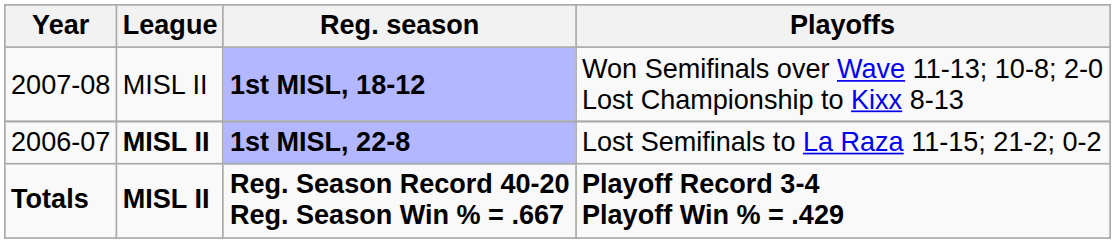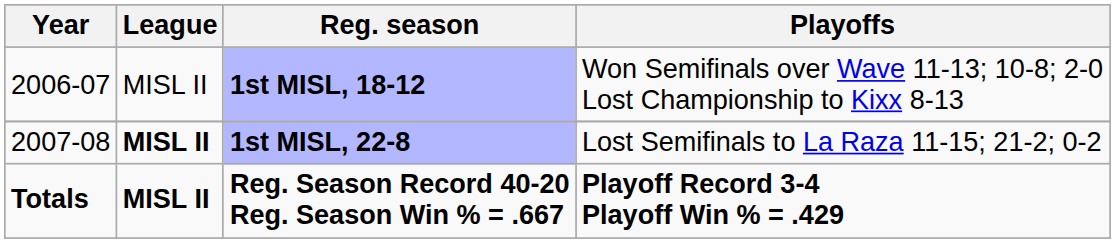 <table class="wikitable">
 <tr>
 <th>Year</th>
 <th>League</th>
 <th>Reg. season</th>
 <th>Playoffs</th>
 </tr>
 <tr>
-<td>2007-08</td>
+<td>2006-07</td>
 <td>MISL II</td>
 <td bgcolor="B3B7FF"><strong>1st MISL, 18-12</strong></td>
 <td>Won Semifinals over <a href='#'>Wave</a> 11-13; 10-8; 2-0 <br> Lost Championship to <a href='#'>Kixx</a> 8-13</td>
 </tr>
 <tr>
 </tr>
 <tr>
-<td>2006-07</td>
+<td>2007-08</td>
 <td><strong>MISL II</strong></td>
 <td bgcolor="B3B7FF"><strong>1st MISL, 22-8</strong></td>
 <td>Lost Semifinals to <a href='#'>La Raza</a> 11-15; 21-2; 0-2</td>
 </tr>
 <tr>
 <td><strong>Totals</strong></td>
 <td><strong>MISL II</strong></td>
 <td><strong>Reg. Season Record   40-20</strong><br><strong>Reg. Season Win % = .667</strong></td>
 <td><strong>Playoff Record   3-4</strong> <br> <strong>Playoff Win % = .429</strong></td>
 </tr>
 </table>
